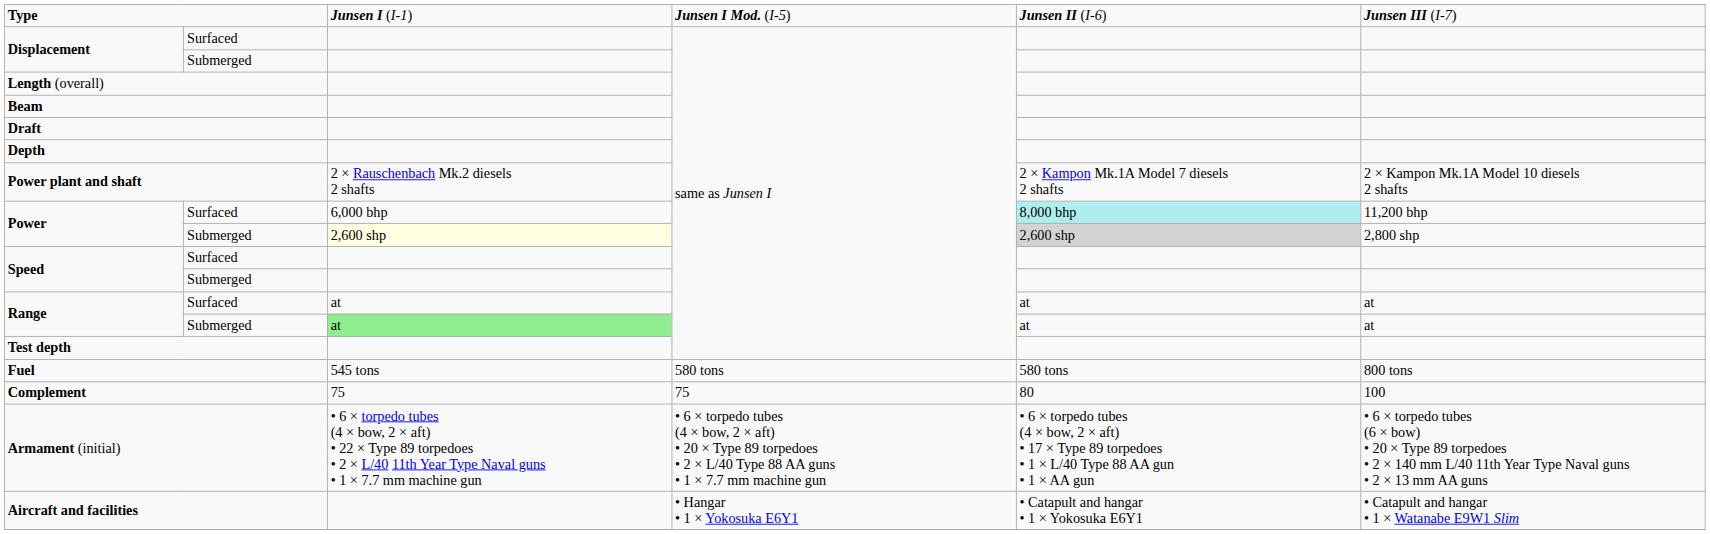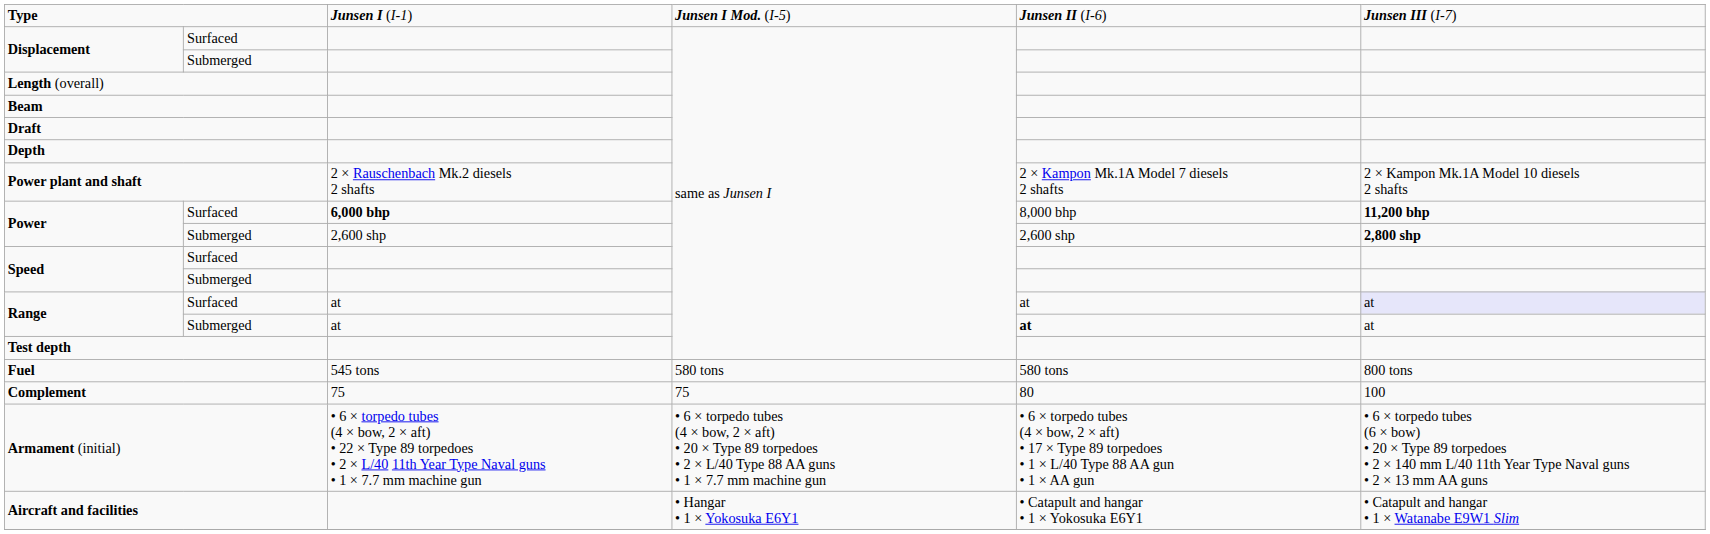 <table class="wikitable">
 <tr>
 <td width="15%" colspan="2"><strong>Type</strong></td>
 <td width="16%"><strong><em>Junsen I</em></strong> (<em>I-1</em>)</td>
 <td width="16%"><strong><em>Junsen I Mod.</em></strong> (<em>I-5</em>)</td>
 <td width="16%"><strong><em>Junsen II</em></strong> (<em>I-6</em>)</td>
 <td width="16%"><strong><em>Junsen III</em></strong> (<em>I-7</em>)</td>
 </tr>
 <tr>
 <td rowspan="2"><strong>Displacement</strong></td>
 <td>Surfaced</td>
 <td></td>
 <td rowspan="14">same as <em>Junsen I</em></td>
 <td></td>
 <td></td>
 </tr>
 <tr>
 <td>Submerged</td>
 <td></td>
 <td></td>
 <td></td>
 </tr>
 <tr>
 <td colspan="2"><strong>Length</strong> (overall)</td>
 <td></td>
 <td></td>
 <td></td>
 </tr>
 <tr>
 <td colspan="2"><strong>Beam</strong></td>
 <td></td>
 <td></td>
 <td></td>
 </tr>
 <tr>
 <td colspan="2"><strong>Draft</strong></td>
 <td></td>
 <td></td>
 <td></td>
 </tr>
 <tr>
 <td colspan="2"><strong>Depth</strong></td>
 <td></td>
 <td></td>
 <td></td>
 </tr>
 <tr>
 <td colspan="2"><strong>Power plant and shaft</strong></td>
 <td>2 × <a href='#'>Rauschenbach</a> Mk.2 diesels<br>2 shafts</td>
 <td>2 × <a href='#'>Kampon</a> Mk.1A Model 7 diesels<br>2 shafts</td>
 <td>2 × Kampon Mk.1A Model 10 diesels<br>2 shafts</td>
 </tr>
 <tr>
 <td rowspan="2"><strong>Power</strong></td>
 <td>Surfaced</td>
-<td>6,000 bhp</td>
-<td style="background: paleturquoise;">8,000 bhp</td>
-<td>11,200 bhp</td>
+<td><strong>6,000 bhp</strong></td>
+<td>8,000 bhp</td>
+<td><strong>11,200 bhp</strong></td>
 </tr>
 <tr>
 <td>Submerged</td>
-<td style="background: lightyellow;">2,600 shp</td>
-<td style="background: lightgrey;">2,600 shp</td>
-<td>2,800 shp</td>
+<td>2,600 shp</td>
+<td>2,600 shp</td>
+<td><strong>2,800 shp</strong></td>
 </tr>
 <tr>
 <td rowspan="2"><strong>Speed</strong></td>
 <td>Surfaced</td>
 <td></td>
 <td></td>
 <td></td>
 </tr>
 <tr>
 <td>Submerged</td>
 <td></td>
 <td></td>
 <td></td>
 </tr>
 <tr>
 <td rowspan="2"><strong>Range</strong></td>
 <td>Surfaced</td>
 <td> at </td>
 <td> at </td>
-<td> at </td>
+<td style="background: lavender;"> at </td>
 </tr>
 <tr>
 <td>Submerged</td>
-<td style="background: lightgreen;"> at </td>
 <td> at </td>
+<td><strong> at </strong></td>
 <td> at </td>
 </tr>
 <tr>
 <td colspan="2"><strong>Test depth</strong></td>
 <td></td>
 <td></td>
 <td></td>
 </tr>
 <tr>
 <td colspan="2"><strong>Fuel</strong></td>
 <td>545 tons</td>
 <td>580 tons</td>
 <td>580 tons</td>
 <td>800 tons</td>
 </tr>
 <tr>
 <td colspan="2"><strong>Complement</strong></td>
 <td>75</td>
 <td>75</td>
 <td>80</td>
 <td>100</td>
 </tr>
 <tr>
 <td colspan="2"><strong>Armament</strong> (initial)</td>
 <td>• 6 ×  <a href='#'>torpedo tubes</a><br>(4 × bow, 2 × aft)<br>• 22 × Type 89 torpedoes<br>• 2 ×  <a href='#'>L/40</a> <a href='#'>11th Year Type Naval guns</a><br>• 1 × 7.7 mm machine gun</td>
 <td>• 6 ×  torpedo tubes<br>(4 × bow, 2 × aft)<br>• 20 × Type 89 torpedoes<br>• 2 ×  L/40 Type 88 AA guns<br>• 1 × 7.7 mm machine gun</td>
 <td>• 6 ×  torpedo tubes<br>(4 × bow, 2 × aft)<br>• 17 × Type 89 torpedoes<br>• 1 ×  L/40 Type 88 AA gun<br>• 1 × <a href='#'></a> AA gun</td>
 <td>• 6 ×  torpedo tubes<br>(6 × bow)<br>• 20 × Type 89 torpedoes<br>• 2 × 140 mm L/40 11th Year Type Naval guns<br>• 2 × 13 mm AA guns</td>
 </tr>
 <tr>
 <td colspan="2"><strong>Aircraft and facilities</strong></td>
 <td></td>
 <td>• Hangar<br>• 1 × <a href='#'>Yokosuka E6Y1</a></td>
 <td>• Catapult and hangar<br>• 1 × Yokosuka E6Y1</td>
 <td>• Catapult and hangar<br>• 1 × <a href='#'>Watanabe E9W1 <em>Slim</em></a></td>
 </tr>
 <tr>
 </tr>
 </table>
